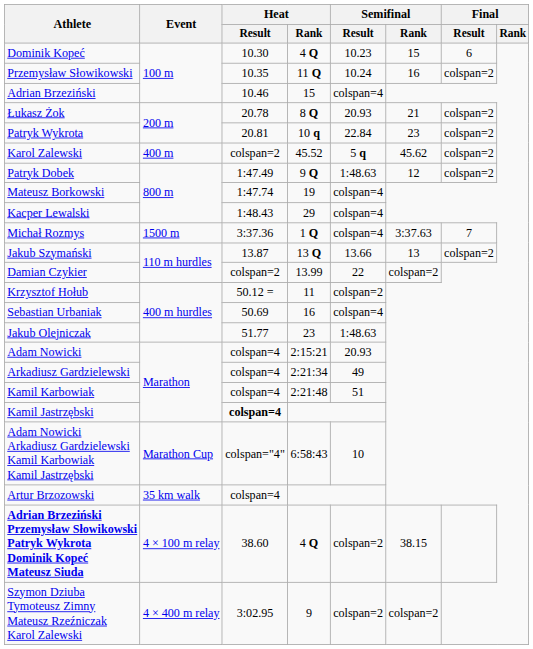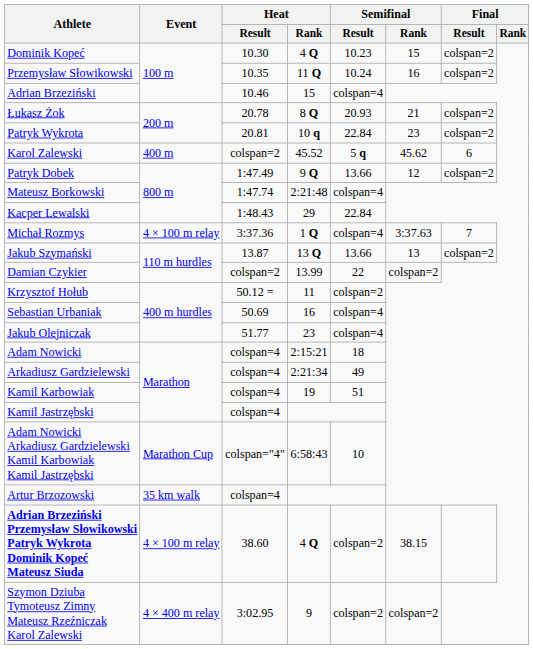 <table class="wikitable" style="font-size:90%">
 <tr>
 <th rowspan="2">Athlete</th>
 <th rowspan="2">Event</th>
 <th colspan="2">Heat</th>
 <th colspan="2">Semifinal</th>
 <th colspan="2">Final</th>
 </tr>
 <tr style="font-size:95%">
 <th>Result</th>
 <th>Rank</th>
 <th>Result</th>
 <th>Rank</th>
 <th>Result</th>
 <th>Rank</th>
 </tr>
 <tr align=center>
 <td align=left><a href='#'>Dominik Kopeć</a></td>
 <td align=left rowspan=3><a href='#'>100 m</a></td>
 <td>10.30</td>
 <td>4 <strong>Q</strong></td>
 <td>10.23</td>
 <td>15</td>
-<td>6</td>
+<td>colspan=2 </td>
 </tr>
 <tr align=center>
 <td align=left><a href='#'>Przemysław Słowikowski</a></td>
 <td>10.35</td>
 <td>11 <strong>Q</strong></td>
 <td>10.24 </td>
 <td>16</td>
 <td>colspan=2 </td>
 </tr>
 <tr align=center>
 <td align=left><a href='#'>Adrian Brzeziński</a></td>
 <td>10.46</td>
 <td>15</td>
 <td>colspan=4 </td>
 </tr>
 <tr align=center>
 <td align=left><a href='#'>Łukasz Żok</a></td>
 <td align=left rowspan=2><a href='#'>200 m</a></td>
 <td>20.78</td>
 <td>8 <strong>Q</strong></td>
 <td>20.93</td>
 <td>21</td>
 <td>colspan=2 </td>
 </tr>
 <tr align=center>
 <td align=left><a href='#'>Patryk Wykrota</a></td>
 <td>20.81</td>
 <td>10 <strong>q</strong></td>
 <td>22.84</td>
 <td>23</td>
 <td>colspan=2 </td>
 </tr>
 <tr align=center>
 <td align=left><a href='#'>Karol Zalewski</a></td>
 <td align=left><a href='#'>400 m</a></td>
 <td>colspan=2 </td>
 <td>45.52</td>
 <td>5 <strong>q</strong></td>
 <td>45.62</td>
-<td>colspan=2 </td>
+<td>6</td>
 </tr>
 <tr align=center>
 <td align=left><a href='#'>Patryk Dobek</a></td>
 <td align=left rowspan=3><a href='#'>800 m</a></td>
 <td>1:47.49</td>
 <td>9 <strong>Q</strong></td>
-<td>1:48.63</td>
+<td>13.66</td>
 <td>12</td>
 <td>colspan=2 </td>
 </tr>
 <tr align=center>
 <td align=left><a href='#'>Mateusz Borkowski</a></td>
 <td>1:47.74</td>
-<td>19</td>
+<td>2:21:48 </td>
 <td>colspan=4 </td>
 </tr>
 <tr align=center>
 <td align=left><a href='#'>Kacper Lewalski</a></td>
 <td>1:48.43</td>
 <td>29</td>
-<td>colspan=4 </td>
+<td>22.84</td>
 </tr>
 <tr align=center>
 <td align=left><a href='#'>Michał Rozmys</a></td>
-<td align=left><a href='#'>1500 m</a></td>
+<td align=left><a href='#'>4 × 100 m relay</a></td>
 <td>3:37.36</td>
 <td>1 <strong>Q</strong></td>
 <td>colspan=4 </td>
 <td>3:37.63</td>
 <td>7</td>
 </tr>
 <tr align=center>
 <td align=left><a href='#'>Jakub Szymański</a></td>
 <td align=left rowspan=2><a href='#'>110 m hurdles</a></td>
 <td>13.87</td>
 <td>13 <strong>Q</strong></td>
 <td>13.66</td>
 <td>13</td>
 <td>colspan=2 </td>
 </tr>
 <tr align=center>
 <td align=left><a href='#'>Damian Czykier</a></td>
 <td>colspan=2 </td>
 <td>13.99</td>
 <td>22</td>
 <td>colspan=2 </td>
 </tr>
 <tr align=center>
 <td align=left><a href='#'>Krzysztof Hołub</a></td>
 <td align=left rowspan=3><a href='#'>400 m hurdles</a></td>
 <td>50.12 =</td>
 <td>11</td>
 <td>colspan=2 </td>
 </tr>
 <tr align=center>
 <td align=left><a href='#'>Sebastian Urbaniak</a></td>
 <td>50.69</td>
 <td>16</td>
 <td>colspan=4 </td>
 </tr>
 <tr align=center>
 <td align=left><a href='#'>Jakub Olejniczak</a></td>
 <td>51.77</td>
 <td>23</td>
-<td>1:48.63</td>
+<td>colspan=4 </td>
 </tr>
 <tr align=center>
 <td align=left><a href='#'>Adam Nowicki</a></td>
 <td align=left rowspan=4><a href='#'>Marathon</a></td>
 <td>colspan=4 </td>
 <td>2:15:21 </td>
-<td>20.93</td>
+<td>18</td>
 </tr>
 <tr align=center>
 <td align=left><a href='#'>Arkadiusz Gardzielewski</a></td>
 <td>colspan=4 </td>
 <td>2:21:34</td>
 <td>49</td>
 </tr>
 <tr align=center>
 <td align=left><a href='#'>Kamil Karbowiak</a></td>
 <td>colspan=4 </td>
-<td>2:21:48 </td>
+<td>19</td>
 <td>51</td>
 </tr>
 <tr align=center>
 <td align=left><a href='#'>Kamil Jastrzębski</a></td>
-<td><strong>colspan=4 </strong></td>
+<td>colspan=4 </td>
 <td colspan=2></td>
 </tr>
 <tr align=center>
 <td align=left><a href='#'>Adam Nowicki</a><br><a href='#'>Arkadiusz Gardzielewski</a><br><a href='#'>Kamil Karbowiak</a><br><a href='#'>Kamil Jastrzębski</a></td>
 <td align=left><a href='#'>Marathon Cup</a></td>
 <td>colspan="4" </td>
 <td>6:58:43</td>
 <td>10</td>
 </tr>
 <tr align=center>
 <td align=left><a href='#'>Artur Brzozowski</a></td>
 <td align=left><a href='#'>35 km walk</a></td>
 <td>colspan=4 </td>
 <td colspan=2></td>
 </tr>
 <tr align=center>
 <td align=left><strong><a href='#'>Adrian Brzeziński</a><br> <a href='#'>Przemysław Słowikowski</a><br> <a href='#'>Patryk Wykrota</a><br> <a href='#'>Dominik Kopeć</a><br> <a href='#'>Mateusz Siuda</a></strong></td>
 <td align=left><a href='#'>4 × 100 m relay</a></td>
 <td>38.60 </td>
 <td>4 <strong>Q</strong></td>
 <td>colspan=2 </td>
 <td>38.15 </td>
 <td></td>
 </tr>
 <tr align=center>
 <td align=left><a href='#'>Szymon Dziuba</a><br> <a href='#'>Tymoteusz Zimny</a><br> <a href='#'>Mateusz Rzeźniczak</a><br> <a href='#'>Karol Zalewski</a></td>
 <td align=left><a href='#'>4 × 400 m relay</a></td>
 <td>3:02.95</td>
 <td>9</td>
 <td>colspan=2 </td>
 <td>colspan=2 </td>
 </tr>
 </table>
